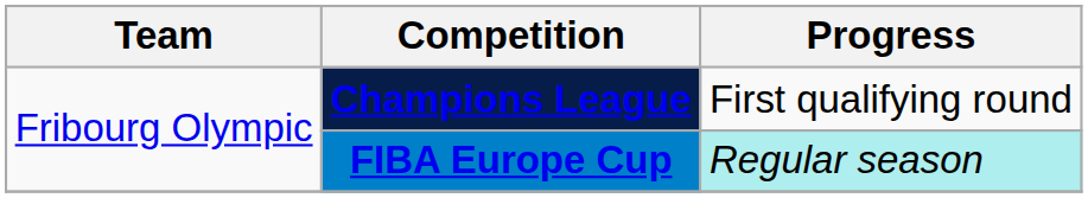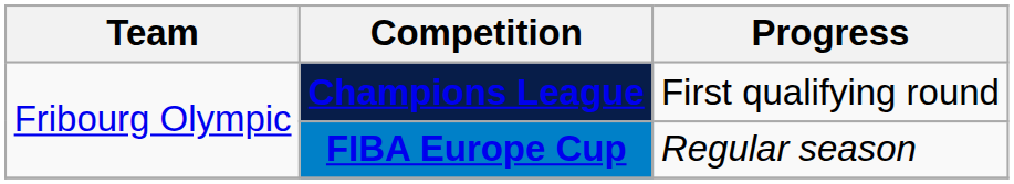 <table class="wikitable sortable">
 <tr>
 <th>Team</th>
 <th>Competition</th>
 <th>Progress</th>
 </tr>
 <tr>
 <td rowspan=2><a href='#'>Fribourg Olympic</a></td>
 <td rowspan="1" style="background-color:#071D49;color:#D0D3D4;text-align:center"><strong><a href='#'><span>Champions League</span></a></strong></td>
 <td>First qualifying round</td>
 </tr>
 <tr>
 <td style="background-color:#0080C8;color:white;text-align:center"><strong><a href='#'><span>FIBA Europe Cup</span></a></strong></td>
-<td style="background: paleturquoise;"><em>Regular season</em></td>
+<td><em>Regular season</em></td>
 </tr>
 <tr>
 </tr>
 </table>
